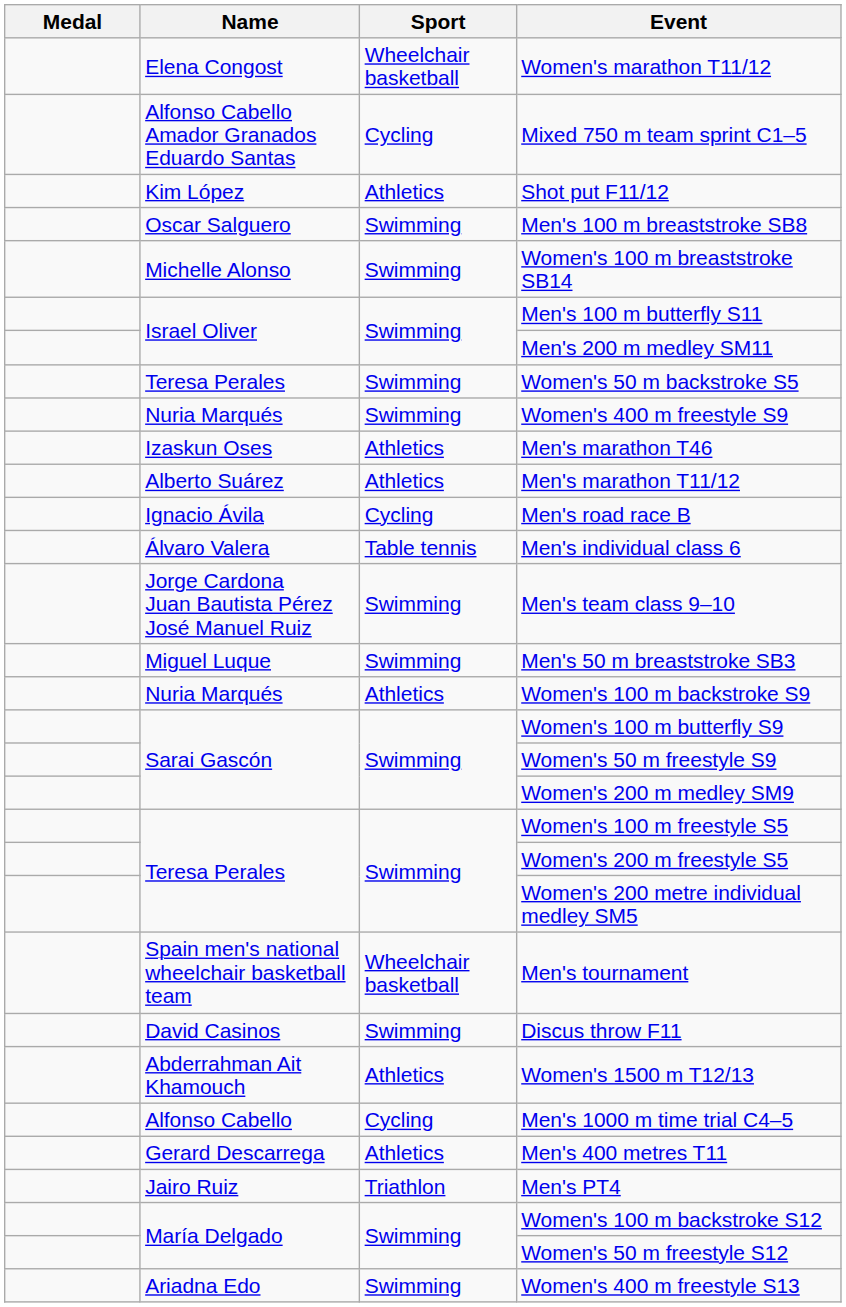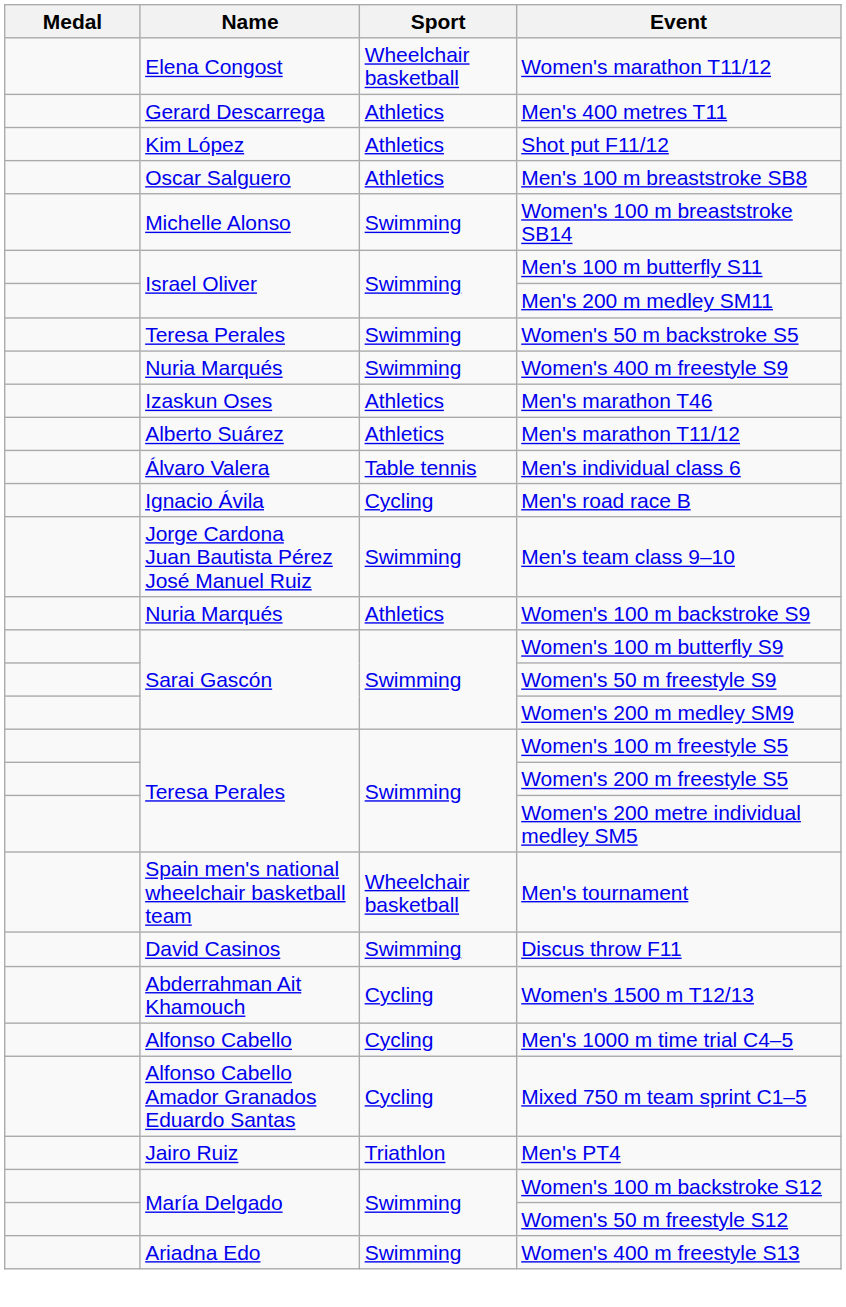 <table class="wikitable sortable" style="font-size:95%">
 <tr>
 <th style="width:6em">Medal</th>
 <th style="width:10em">Name</th>
 <th style="width:7em">Sport</th>
 <th style="width:15em">Event</th>
 </tr>
 <tr>
 <td></td>
 <td><a href='#'>Elena Congost</a></td>
 <td><a href='#'>Wheelchair basketball</a></td>
 <td><a href='#'>Women's marathon T11/12</a></td>
 </tr>
 <tr>
 <td></td>
-<td><a href='#'>Alfonso Cabello</a><br><a href='#'>Amador Granados</a> <a href='#'>Eduardo Santas</a></td>
-<td><a href='#'>Cycling</a></td>
-<td><a href='#'>Mixed 750 m team sprint C1–5</a></td>
+<td><a href='#'>Gerard Descarrega</a></td>
+<td><a href='#'>Athletics</a></td>
+<td><a href='#'>Men's 400 metres T11</a></td>
 </tr>
 <tr>
 <td></td>
 <td><a href='#'>Kim López</a></td>
 <td><a href='#'>Athletics</a></td>
 <td><a href='#'>Shot put F11/12</a></td>
 </tr>
 <tr>
 <td></td>
 <td><a href='#'>Oscar Salguero</a></td>
-<td><a href='#'>Swimming</a></td>
+<td><a href='#'>Athletics</a></td>
 <td><a href='#'>Men's 100 m breaststroke SB8</a></td>
 </tr>
 <tr>
 <td></td>
 <td><a href='#'>Michelle Alonso</a></td>
 <td><a href='#'>Swimming</a></td>
 <td><a href='#'>Women's 100 m breaststroke SB14</a></td>
 </tr>
 <tr>
 <td></td>
 <td rowspan="2"><a href='#'>Israel Oliver</a></td>
 <td rowspan="2"><a href='#'>Swimming</a></td>
 <td><a href='#'>Men's 100 m butterfly S11</a></td>
 </tr>
 <tr>
 <td></td>
 <td><a href='#'>Men's 200 m medley SM11</a></td>
 </tr>
 <tr>
 <td></td>
 <td><a href='#'>Teresa Perales</a></td>
 <td><a href='#'>Swimming</a></td>
 <td><a href='#'>Women's 50 m backstroke S5</a></td>
 </tr>
 <tr>
 <td></td>
 <td><a href='#'>Nuria Marqués</a></td>
 <td><a href='#'>Swimming</a></td>
 <td><a href='#'>Women's 400 m freestyle S9</a></td>
 </tr>
 <tr>
 <td></td>
 <td><a href='#'>Izaskun Oses</a></td>
 <td><a href='#'>Athletics</a></td>
 <td><a href='#'>Men's marathon T46</a></td>
 </tr>
 <tr>
 <td></td>
 <td><a href='#'>Alberto Suárez</a></td>
 <td><a href='#'>Athletics</a></td>
 <td><a href='#'>Men's marathon T11/12</a></td>
 </tr>
 <tr>
 <td></td>
+<td><a href='#'>Álvaro Valera</a></td>
+<td><a href='#'>Table tennis</a></td>
+<td><a href='#'>Men's individual class 6</a></td>
+</tr>
+<tr>
+<td></td>
 <td><a href='#'>Ignacio Ávila</a></td>
 <td><a href='#'>Cycling</a></td>
 <td><a href='#'>Men's road race B</a></td>
 </tr>
 <tr>
 <td></td>
-<td><a href='#'>Álvaro Valera</a></td>
-<td><a href='#'>Table tennis</a></td>
-<td><a href='#'>Men's individual class 6</a></td>
-</tr>
-<tr>
-<td></td>
 <td><a href='#'>Jorge Cardona</a><br><a href='#'>Juan Bautista Pérez</a><br><a href='#'>José Manuel Ruiz</a></td>
 <td><a href='#'>Swimming</a></td>
 <td><a href='#'>Men's team class 9–10</a></td>
-</tr>
-<tr>
-<td></td>
-<td><a href='#'>Miguel Luque</a></td>
-<td><a href='#'>Swimming</a></td>
-<td><a href='#'>Men's 50 m breaststroke SB3</a></td>
 </tr>
 <tr>
 <td></td>
 <td><a href='#'>Nuria Marqués</a></td>
 <td><a href='#'>Athletics</a></td>
 <td><a href='#'>Women's 100 m backstroke S9</a></td>
 </tr>
 <tr>
 <td></td>
 <td rowspan="3"><a href='#'>Sarai Gascón</a></td>
 <td rowspan="3"><a href='#'>Swimming</a></td>
 <td><a href='#'>Women's 100 m butterfly S9</a></td>
 </tr>
 <tr>
 <td></td>
 <td><a href='#'>Women's 50 m freestyle S9</a></td>
 </tr>
 <tr>
 <td></td>
 <td><a href='#'>Women's 200 m medley SM9</a></td>
 </tr>
 <tr>
 <td></td>
 <td rowspan="3"><a href='#'>Teresa Perales</a></td>
 <td rowspan="3"><a href='#'>Swimming</a></td>
 <td><a href='#'>Women's 100 m freestyle S5</a></td>
 </tr>
 <tr>
 <td></td>
 <td><a href='#'>Women's 200 m freestyle S5</a></td>
 </tr>
 <tr>
 <td></td>
 <td><a href='#'>Women's 200 metre individual medley SM5</a></td>
 </tr>
 <tr>
 <td></td>
 <td><a href='#'>Spain men's national wheelchair basketball team</a></td>
 <td><a href='#'>Wheelchair basketball</a></td>
 <td><a href='#'>Men's tournament</a></td>
 </tr>
 <tr>
 <td></td>
 <td><a href='#'>David Casinos</a></td>
 <td><a href='#'>Swimming</a></td>
 <td><a href='#'>Discus throw F11</a></td>
 </tr>
 <tr>
 <td></td>
 <td><a href='#'>Abderrahman Ait Khamouch</a></td>
-<td><a href='#'>Athletics</a></td>
+<td><a href='#'>Cycling</a></td>
 <td><a href='#'>Women's 1500 m T12/13</a></td>
 </tr>
 <tr>
 <td></td>
 <td><a href='#'>Alfonso Cabello</a></td>
 <td><a href='#'>Cycling</a></td>
 <td><a href='#'>Men's 1000 m time trial C4–5</a></td>
 </tr>
 <tr>
 <td></td>
-<td><a href='#'>Gerard Descarrega</a></td>
-<td><a href='#'>Athletics</a></td>
-<td><a href='#'>Men's 400 metres T11</a></td>
+<td><a href='#'>Alfonso Cabello</a><br><a href='#'>Amador Granados</a> <a href='#'>Eduardo Santas</a></td>
+<td><a href='#'>Cycling</a></td>
+<td><a href='#'>Mixed 750 m team sprint C1–5</a></td>
 </tr>
 <tr>
 <td></td>
 <td><a href='#'>Jairo Ruiz</a></td>
 <td><a href='#'>Triathlon</a></td>
 <td><a href='#'>Men's PT4</a></td>
 </tr>
 <tr>
 <td></td>
 <td rowspan="2"><a href='#'>María Delgado</a></td>
 <td rowspan="2"><a href='#'>Swimming</a></td>
 <td><a href='#'>Women's 100 m backstroke S12</a></td>
 </tr>
 <tr>
 <td></td>
 <td><a href='#'>Women's 50 m freestyle S12</a></td>
 </tr>
 <tr>
 <td></td>
 <td><a href='#'>Ariadna Edo</a></td>
 <td><a href='#'>Swimming</a></td>
 <td><a href='#'>Women's 400 m freestyle S13</a></td>
 </tr>
 </table>
